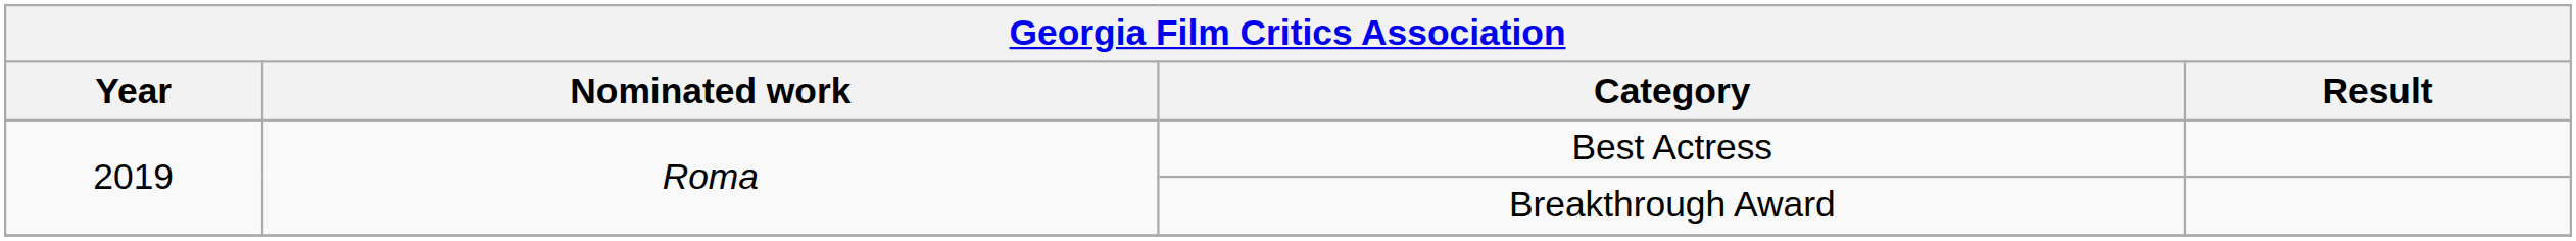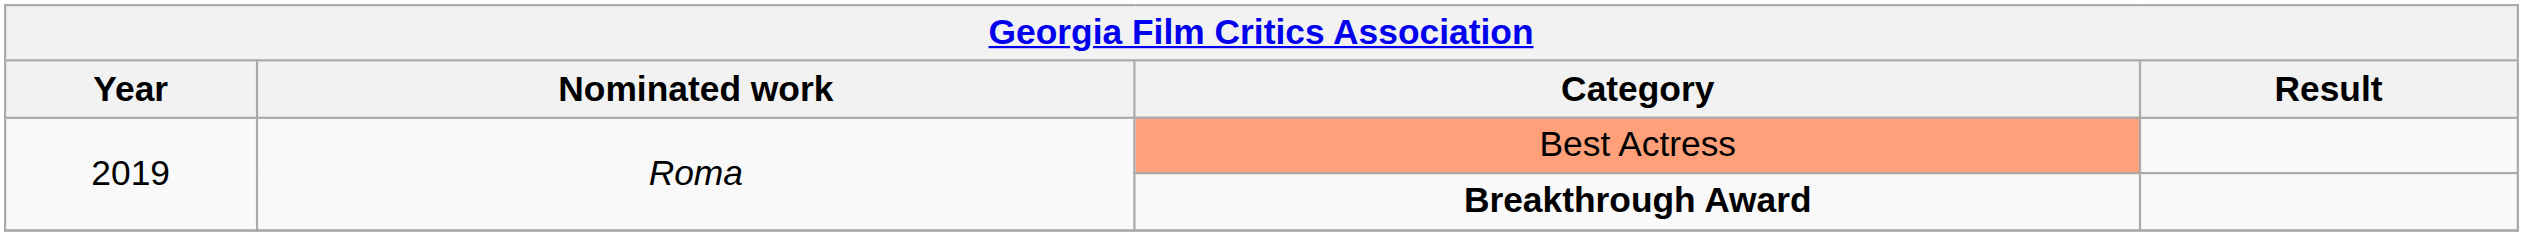 <table style="width:90%;" class="wikitable">
 <tr>
 <th colspan="4" style="text-align:center;"><a href='#'>Georgia Film Critics Association</a></th>
 </tr>
 <tr>
 <th style="width:10%;">Year</th>
 <th style="width:35%;">Nominated work</th>
 <th style="width:40%;">Category</th>
 <th style="width:15%;">Result</th>
 </tr>
 <tr>
 <td rowspan="2" style="text-align:center;">2019</td>
 <td rowspan="2" style="text-align:center;"><em>Roma</em></td>
-<td style="text-align:center;">Best Actress</td>
+<td style="background: lightsalmon; text-align:center;">Best Actress</td>
 <td></td>
 </tr>
 <tr>
-<td style="text-align:center;">Breakthrough Award</td>
+<td style="text-align:center;"><strong>Breakthrough Award</strong></td>
 <td></td>
 </tr>
 <tr>
 </tr>
 </table>
